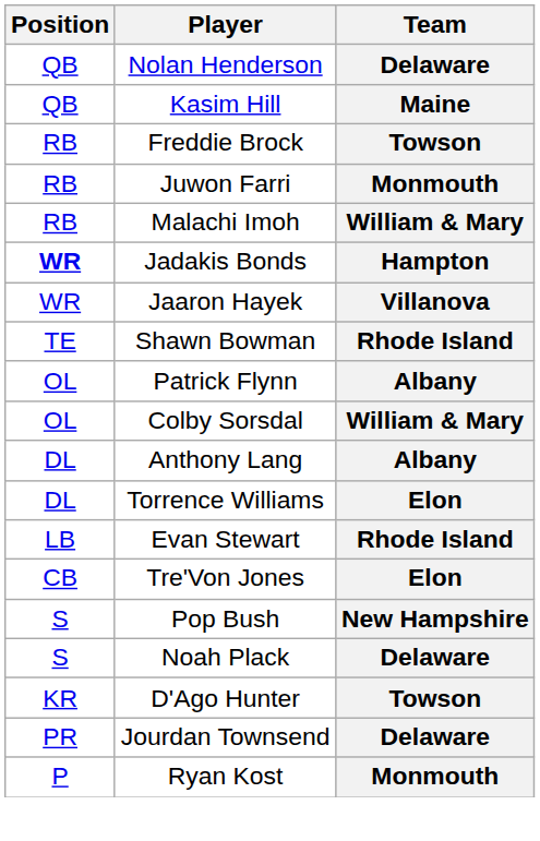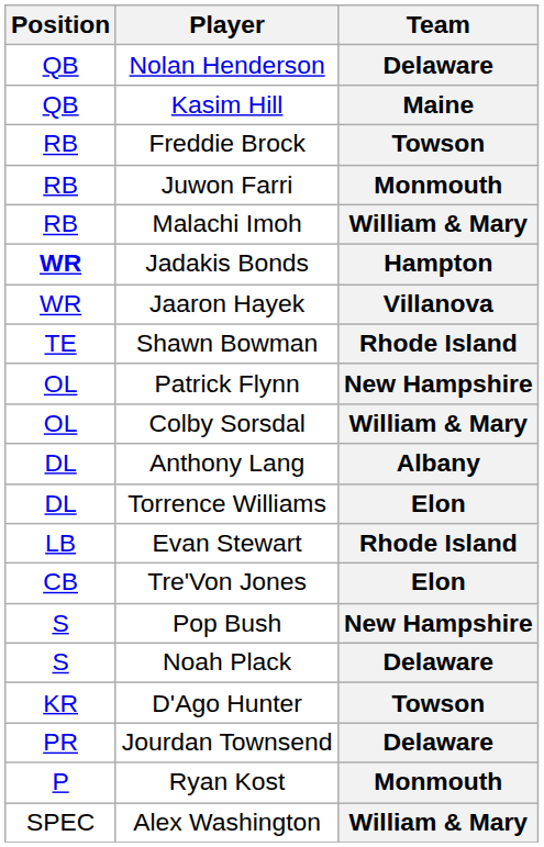 <table class="wikitable sortable" border="1">
 <tr>
 <th>Position</th>
 <th>Player</th>
 <th>Team</th>
 </tr>
 <tr>
 <td style="text-align:center; background:white"><a href='#'>QB</a></td>
 <td style="text-align:center; background:white"><a href='#'>Nolan Henderson</a></td>
 <th>Delaware</th>
 </tr>
 <tr>
 <td style="text-align:center; background:white"><a href='#'>QB</a></td>
 <td style="text-align:center; background:white"><a href='#'>Kasim Hill</a></td>
 <th>Maine</th>
 </tr>
 <tr>
 <td style="text-align:center; background:white"><a href='#'>RB</a></td>
 <td style="text-align:center; background:white">Freddie Brock</td>
 <th>Towson</th>
 </tr>
 <tr>
 <td style="text-align:center; background:white"><a href='#'>RB</a></td>
 <td style="text-align:center; background:white">Juwon Farri</td>
 <th>Monmouth</th>
 </tr>
 <tr>
 <td style="text-align:center; background:white"><a href='#'>RB</a></td>
 <td style="text-align:center; background:white">Malachi Imoh</td>
 <th>William & Mary</th>
 </tr>
 <tr>
 <td style="text-align:center; background:white"><strong><a href='#'>WR</a></strong></td>
 <td style="text-align:center; background:white">Jadakis Bonds</td>
 <th>Hampton</th>
 </tr>
 <tr>
 <td style="text-align:center; background:white"><a href='#'>WR</a></td>
 <td style="text-align:center; background:white">Jaaron Hayek</td>
 <th>Villanova</th>
 </tr>
 <tr>
 <td style="text-align:center; background:white"><a href='#'>TE</a></td>
 <td style="text-align:center; background:white">Shawn Bowman</td>
 <th>Rhode Island</th>
 </tr>
 <tr>
 <td style="text-align:center; background:white"><a href='#'>OL</a></td>
 <td style="text-align:center; background:white">Patrick Flynn</td>
-<th>Albany</th>
+<th>New Hampshire</th>
 </tr>
 <tr>
 <td style="text-align:center; background:white"><a href='#'>OL</a></td>
 <td style="text-align:center; background:white">Colby Sorsdal</td>
 <th>William & Mary</th>
 </tr>
 <tr>
 <td style="text-align:center; background:white"><a href='#'>DL</a></td>
 <td style="text-align:center; background:white">Anthony Lang</td>
 <th>Albany</th>
 </tr>
 <tr>
 <td style="text-align:center; background:white"><a href='#'>DL</a></td>
 <td style="text-align:center; background:white">Torrence Williams</td>
 <th>Elon</th>
 </tr>
 <tr>
 <td style="text-align:center; background:white"><a href='#'>LB</a></td>
 <td style="text-align:center; background:white">Evan Stewart</td>
 <th>Rhode Island</th>
 </tr>
 <tr>
 <td style="text-align:center; background:white"><a href='#'>CB</a></td>
 <td style="text-align:center; background:white">Tre'Von Jones</td>
 <th>Elon</th>
 </tr>
 <tr>
 <td style="text-align:center; background:white"><a href='#'>S</a></td>
 <td style="text-align:center; background:white">Pop Bush</td>
 <th>New Hampshire</th>
 </tr>
 <tr>
 <td style="text-align:center; background:white"><a href='#'>S</a></td>
 <td style="text-align:center; background:white">Noah Plack</td>
 <th>Delaware</th>
 </tr>
 <tr>
 <td style="text-align:center; background:white"><a href='#'>KR</a></td>
 <td style="text-align:center; background:white">D'Ago Hunter</td>
 <th>Towson</th>
 </tr>
 <tr>
 <td style="text-align:center; background:white"><a href='#'>PR</a></td>
 <td style="text-align:center; background:white">Jourdan Townsend</td>
 <th>Delaware</th>
 </tr>
 <tr>
 <td style="text-align:center; background:white"><a href='#'>P</a></td>
 <td style="text-align:center; background:white">Ryan Kost</td>
 <th>Monmouth</th>
 </tr>
+<tr>
+<td style="text-align:center; background:white">SPEC</td>
+<td style="text-align:center; background:white">Alex Washington</td>
+<th>William & Mary</th>
+</tr>
 </table>
